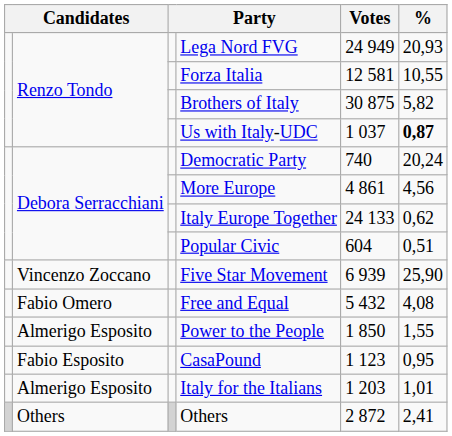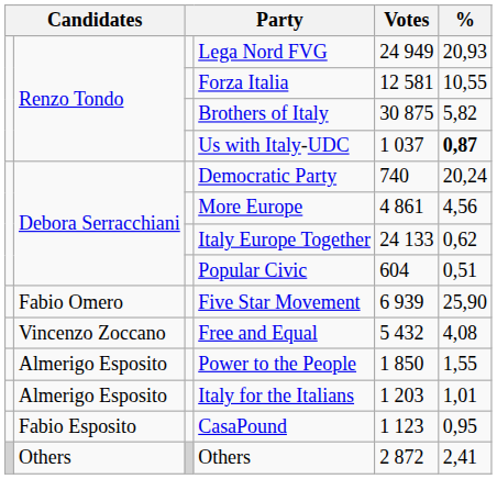 <table class="wikitable">
 <tr>
 <th colspan="2">Candidates</th>
 <th colspan="2">Party</th>
 <th>Votes</th>
 <th>%</th>
 </tr>
 <tr>
 <td rowspan="4"></td>
 <td rowspan="4"><a href='#'>Renzo Tondo</a></td>
 <td></td>
 <td><a href='#'>Lega Nord FVG</a></td>
 <td>24 949</td>
 <td>20,93</td>
 </tr>
 <tr>
 <td></td>
 <td><a href='#'>Forza Italia</a></td>
 <td>12 581</td>
 <td>10,55</td>
 </tr>
 <tr>
 <td></td>
 <td><a href='#'>Brothers of Italy</a></td>
 <td>30 875</td>
 <td>5,82</td>
 </tr>
 <tr>
 <td></td>
 <td><a href='#'>Us with Italy</a>-<a href='#'>UDC</a></td>
 <td>1 037</td>
 <td><strong>0,87</strong></td>
 </tr>
 <tr>
 <td rowspan="4"></td>
 <td rowspan="4"><a href='#'>Debora Serracchiani</a></td>
 <td></td>
 <td><a href='#'>Democratic Party</a></td>
 <td>740</td>
 <td>20,24</td>
 </tr>
 <tr>
 <td></td>
 <td><a href='#'>More Europe</a></td>
 <td>4 861</td>
 <td>4,56</td>
 </tr>
 <tr>
 <td></td>
 <td><a href='#'>Italy Europe Together</a></td>
 <td>24 133</td>
 <td>0,62</td>
 </tr>
 <tr>
 <td></td>
 <td><a href='#'>Popular Civic</a></td>
 <td>604</td>
 <td>0,51</td>
 </tr>
 <tr>
 <td></td>
-<td>Vincenzo Zoccano</td>
+<td>Fabio Omero</td>
 <td></td>
 <td><a href='#'>Five Star Movement</a></td>
 <td>6 939</td>
 <td>25,90</td>
 </tr>
 <tr>
 <td></td>
-<td>Fabio Omero</td>
+<td>Vincenzo Zoccano</td>
 <td></td>
 <td><a href='#'>Free and Equal</a></td>
 <td>5 432</td>
 <td>4,08</td>
 </tr>
 <tr>
 <td></td>
 <td>Almerigo Esposito</td>
 <td></td>
 <td><a href='#'>Power to the People</a></td>
 <td>1 850</td>
 <td>1,55</td>
 </tr>
 <tr>
 <td></td>
+<td>Almerigo Esposito</td>
+<td></td>
+<td><a href='#'>Italy for the Italians</a></td>
+<td>1 203</td>
+<td>1,01</td>
+</tr>
+<tr>
+<td></td>
 <td>Fabio Esposito</td>
 <td></td>
 <td><a href='#'>CasaPound</a></td>
 <td>1 123</td>
 <td>0,95</td>
-</tr>
-<tr>
-<td></td>
-<td>Almerigo Esposito</td>
-<td></td>
-<td><a href='#'>Italy for the Italians</a></td>
-<td>1 203</td>
-<td>1,01</td>
 </tr>
 <tr>
 <td bgcolor="Lightgrey"></td>
 <td>Others</td>
 <td bgcolor="Lightgrey"></td>
 <td>Others</td>
 <td>2 872</td>
 <td>2,41</td>
 </tr>
 </table>
